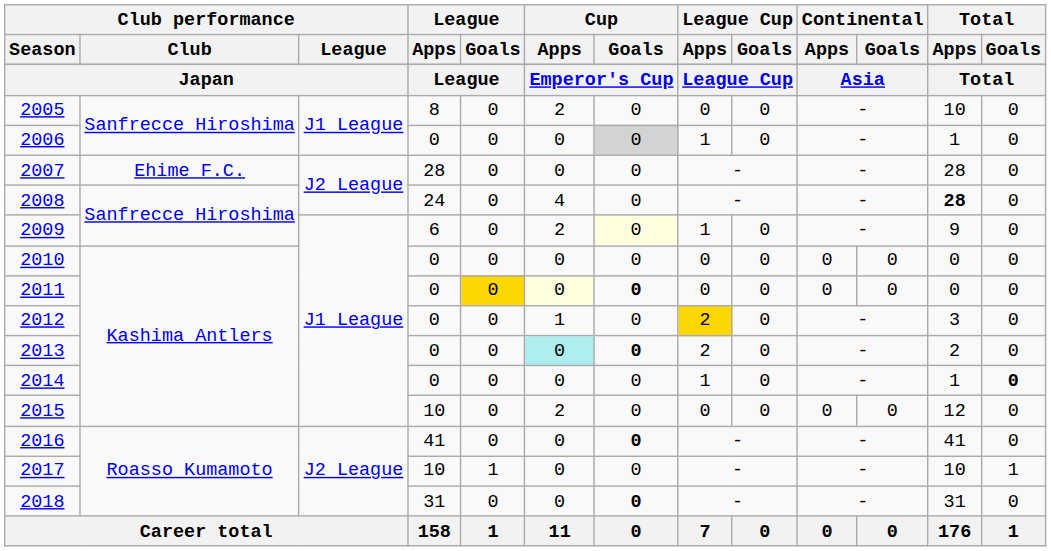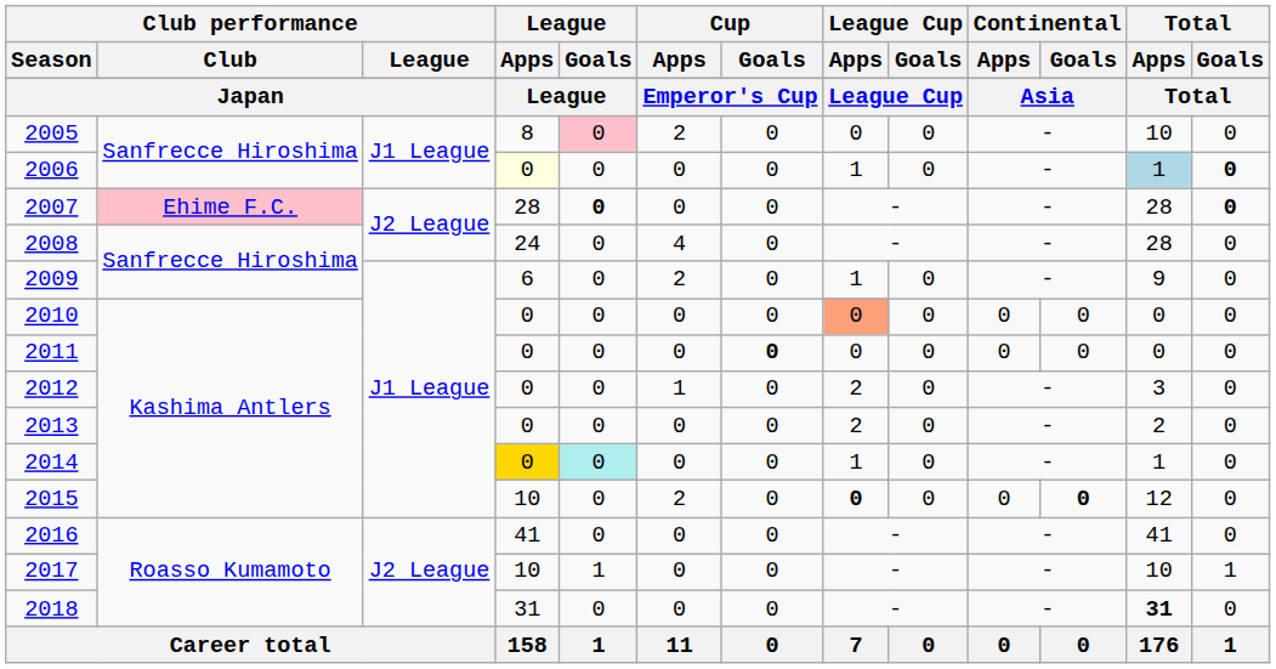 <table class="wikitable" style="text-align:center">
 <tr>
 <th colspan=3>Club performance</th>
 <th colspan=2>League</th>
 <th colspan=2>Cup</th>
 <th colspan=2>League Cup</th>
 <th colspan=2>Continental</th>
 <th colspan=2>Total</th>
 </tr>
 <tr>
 <th>Season</th>
 <th>Club</th>
 <th>League</th>
 <th>Apps</th>
 <th>Goals</th>
 <th>Apps</th>
 <th>Goals</th>
 <th>Apps</th>
 <th>Goals</th>
 <th>Apps</th>
 <th>Goals</th>
 <th>Apps</th>
 <th>Goals</th>
 </tr>
 <tr>
 </tr>
 <tr>
 <th colspan=3>Japan</th>
 <th colspan=2>League</th>
 <th colspan=2><a href='#'>Emperor's Cup</a></th>
 <th colspan=2><a href='#'>League Cup</a></th>
 <th colspan=2><a href='#'>Asia</a></th>
 <th colspan=2>Total</th>
 </tr>
 <tr>
 <td><a href='#'>2005</a></td>
 <td rowspan="2"><a href='#'>Sanfrecce Hiroshima</a></td>
 <td rowspan="2"><a href='#'>J1 League</a></td>
 <td>8</td>
-<td>0</td>
+<td style="background: pink;">0</td>
 <td>2</td>
 <td>0</td>
 <td>0</td>
 <td>0</td>
 <td colspan="2">-</td>
 <td>10</td>
 <td>0</td>
 </tr>
 <tr>
 <td><a href='#'>2006</a></td>
+<td style="background: lightyellow;">0</td>
 <td>0</td>
 <td>0</td>
 <td>0</td>
-<td style="background: lightgrey;">0</td>
 <td>1</td>
 <td>0</td>
 <td colspan="2">-</td>
-<td>1</td>
-<td>0</td>
+<td style="background: lightblue;">1</td>
+<td><strong>0</strong></td>
 </tr>
 <tr>
 <td><a href='#'>2007</a></td>
-<td><a href='#'>Ehime F.C.</a></td>
+<td style="background: pink;"><a href='#'>Ehime F.C.</a></td>
 <td rowspan="2"><a href='#'>J2 League</a></td>
 <td>28</td>
-<td>0</td>
+<td><strong>0</strong></td>
 <td>0</td>
 <td>0</td>
 <td colspan="2">-</td>
 <td colspan="2">-</td>
 <td>28</td>
-<td>0</td>
+<td><strong>0</strong></td>
 </tr>
 <tr>
 <td><a href='#'>2008</a></td>
 <td rowspan="2"><a href='#'>Sanfrecce Hiroshima</a></td>
 <td>24</td>
 <td>0</td>
 <td>4</td>
 <td>0</td>
 <td colspan="2">-</td>
 <td colspan="2">-</td>
-<td><strong>28</strong></td>
+<td>28</td>
 <td>0</td>
 </tr>
 <tr>
 <td><a href='#'>2009</a></td>
 <td rowspan="7"><a href='#'>J1 League</a></td>
 <td>6</td>
 <td>0</td>
 <td>2</td>
-<td style="background: lightyellow;">0</td>
+<td>0</td>
 <td>1</td>
 <td>0</td>
 <td colspan="2">-</td>
 <td>9</td>
 <td>0</td>
 </tr>
 <tr>
 <td><a href='#'>2010</a></td>
 <td rowspan="6"><a href='#'>Kashima Antlers</a></td>
 <td>0</td>
 <td>0</td>
 <td>0</td>
 <td>0</td>
-<td>0</td>
+<td style="background: lightsalmon;">0</td>
 <td>0</td>
 <td>0</td>
 <td>0</td>
 <td>0</td>
 <td>0</td>
 </tr>
 <tr>
 <td><a href='#'>2011</a></td>
 <td>0</td>
-<td style="background: gold;">0</td>
-<td style="background: lightyellow;">0</td>
+<td>0</td>
+<td>0</td>
 <td><strong>0</strong></td>
 <td>0</td>
 <td>0</td>
 <td>0</td>
 <td>0</td>
 <td>0</td>
 <td>0</td>
 </tr>
 <tr>
 <td><a href='#'>2012</a></td>
 <td>0</td>
 <td>0</td>
 <td>1</td>
 <td>0</td>
-<td style="background: gold;">2</td>
+<td>2</td>
 <td>0</td>
 <td colspan="2">-</td>
 <td>3</td>
 <td>0</td>
 </tr>
 <tr>
 <td><a href='#'>2013</a></td>
 <td>0</td>
 <td>0</td>
-<td style="background: paleturquoise;">0</td>
-<td><strong>0</strong></td>
+<td>0</td>
+<td>0</td>
 <td>2</td>
 <td>0</td>
 <td colspan="2">-</td>
 <td>2</td>
 <td>0</td>
 </tr>
 <tr>
 <td><a href='#'>2014</a></td>
-<td>0</td>
-<td>0</td>
+<td style="background: gold;">0</td>
+<td style="background: paleturquoise;">0</td>
 <td>0</td>
 <td>0</td>
 <td>1</td>
 <td>0</td>
 <td colspan="2">-</td>
 <td>1</td>
-<td><strong>0</strong></td>
+<td>0</td>
 </tr>
 <tr>
 <td><a href='#'>2015</a></td>
 <td>10</td>
 <td>0</td>
 <td>2</td>
 <td>0</td>
+<td><strong>0</strong></td>
 <td>0</td>
 <td>0</td>
-<td>0</td>
-<td>0</td>
+<td><strong>0</strong></td>
 <td>12</td>
 <td>0</td>
 </tr>
 <tr>
 <td><a href='#'>2016</a></td>
 <td rowspan="3"><a href='#'>Roasso Kumamoto</a></td>
 <td rowspan="3"><a href='#'>J2 League</a></td>
 <td>41</td>
 <td>0</td>
 <td>0</td>
-<td><strong>0</strong></td>
+<td>0</td>
 <td colspan="2">-</td>
 <td colspan="2">-</td>
 <td>41</td>
 <td>0</td>
 </tr>
 <tr>
 <td><a href='#'>2017</a></td>
 <td>10</td>
 <td>1</td>
 <td>0</td>
 <td>0</td>
 <td colspan="2">-</td>
 <td colspan="2">-</td>
 <td>10</td>
 <td>1</td>
 </tr>
 <tr>
 <td><a href='#'>2018</a></td>
 <td>31</td>
 <td>0</td>
 <td>0</td>
-<td><strong>0</strong></td>
+<td>0</td>
 <td colspan="2">-</td>
 <td colspan="2">-</td>
-<td>31</td>
+<td><strong>31</strong></td>
 <td>0</td>
 </tr>
 <tr>
 <th colspan=3>Career total</th>
 <th>158</th>
 <th>1</th>
 <th>11</th>
 <th>0</th>
 <th>7</th>
 <th>0</th>
 <th>0</th>
 <th>0</th>
 <th>176</th>
 <th>1</th>
 </tr>
 </table>
